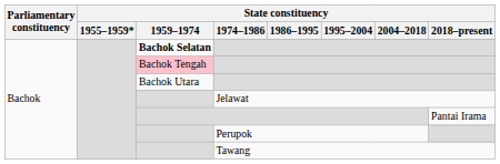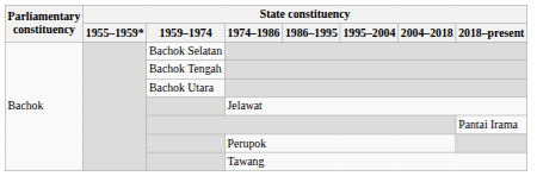 <table class="wikitable">
 <tr>
 <th rowspan="2">Parliamentary<br>constituency</th>
 <th colspan="7">State constituency</th>
 </tr>
 <tr>
 <th>1955–1959*</th>
 <th>1959–1974</th>
 <th>1974–1986</th>
 <th>1986–1995</th>
 <th>1995–2004</th>
 <th>2004–2018</th>
 <th>2018–present</th>
 </tr>
 <tr>
 <td rowspan="7">Bachok</td>
 <td rowspan="7" bgcolor="dcdcdc"></td>
-<td><strong>Bachok Selatan</strong></td>
+<td>Bachok Selatan</td>
 <td colspan="5" bgcolor="dcdcdc"></td>
 </tr>
 <tr>
-<td style="background: pink;">Bachok Tengah</td>
+<td>Bachok Tengah</td>
 <td colspan="5" bgcolor="dcdcdc"></td>
 </tr>
 <tr>
 <td>Bachok Utara</td>
 <td colspan="5" bgcolor="dcdcdc"></td>
 </tr>
 <tr>
 <td bgcolor="dcdcdc"></td>
 <td colspan="5">Jelawat</td>
 </tr>
 <tr>
 <td colspan="5" bgcolor="dcdcdc"></td>
 <td>Pantai Irama</td>
 </tr>
 <tr>
 <td bgcolor="dcdcdc"></td>
 <td colspan="4">Perupok</td>
 <td bgcolor="dcdcdc"></td>
 </tr>
 <tr>
 <td bgcolor="dcdcdc"></td>
 <td colspan="5">Tawang</td>
 </tr>
 </table>
